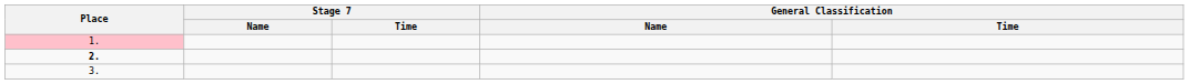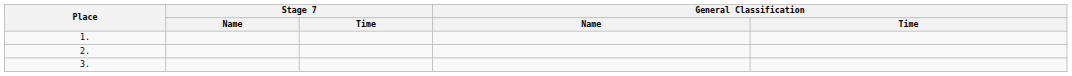 <table class=wikitable style="font-size:95%" width="80%">
 <tr>
 <th rowspan="2">Place</th>
 <th colspan="2">Stage 7</th>
 <th colspan="2">General Classification</th>
 </tr>
 <tr>
 <th>Name</th>
 <th>Time</th>
 <th>Name</th>
 <th>Time</th>
 </tr>
 <tr>
-<td align="center" style="background: pink;">1.</td>
+<td align="center">1.</td>
 <td></td>
 <td></td>
 <td></td>
 <td></td>
 </tr>
 <tr>
-<td align="center"><strong>2.</strong></td>
+<td align="center">2.</td>
 <td></td>
 <td></td>
 <td></td>
 <td></td>
 </tr>
 <tr>
 <td align="center">3.</td>
 <td></td>
 <td></td>
 <td></td>
 <td></td>
 </tr>
 </table>
